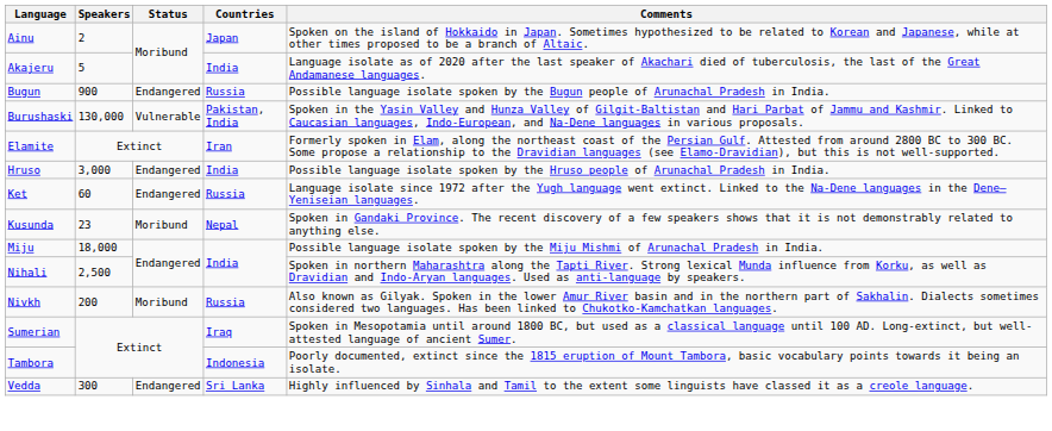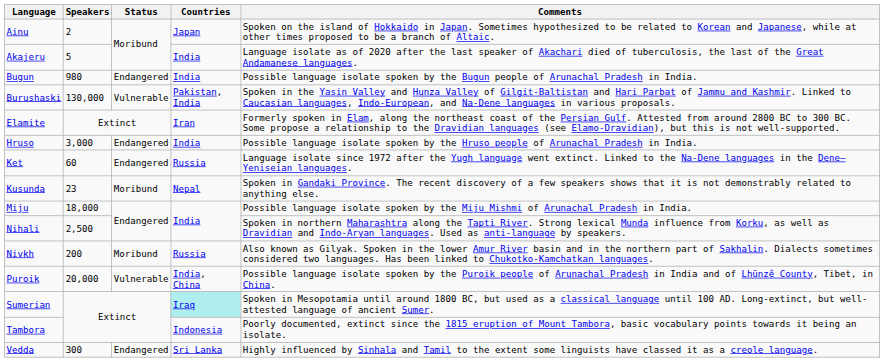 <table class="wikitable sortable" rules="ALL">
 <tr>
 <th>Language</th>
 <th data-sort-type=number>Speakers</th>
 <th>Status</th>
 <th>Countries</th>
 <th>Comments</th>
 </tr>
 <tr>
 <td><a href='#'>Ainu</a></td>
 <td>2</td>
 <td data-sort-value=4 rowspan="2">Moribund</td>
 <td><a href='#'>Japan</a></td>
 <td>Spoken on the island of <a href='#'>Hokkaido</a> in <a href='#'>Japan</a>. Sometimes hypothesized to be related to <a href='#'>Korean</a> and <a href='#'>Japanese</a>, while at other times proposed to be a branch of <a href='#'>Altaic</a>.</td>
 </tr>
 <tr>
 <td><a href='#'>Akajeru</a></td>
 <td>5</td>
 <td><a href='#'>India</a></td>
 <td>Language isolate as of 2020 after the last speaker of <a href='#'>Akachari</a> died of tuberculosis, the last of the <a href='#'>Great Andamanese languages</a>.</td>
 </tr>
 <tr>
 <td><a href='#'>Bugun</a></td>
-<td>900</td>
+<td>980</td>
 <td data-sort-value=3>Endangered</td>
-<td><a href='#'>Russia</a></td>
+<td><a href='#'>India</a></td>
 <td>Possible language isolate spoken by the <a href='#'>Bugun</a> people of <a href='#'>Arunachal Pradesh</a> in India.</td>
 </tr>
 <tr>
 <td><a href='#'>Burushaski</a></td>
 <td>130,000</td>
 <td data-sort-value=2>Vulnerable</td>
 <td><a href='#'>Pakistan</a>, <a href='#'>India</a></td>
 <td>Spoken in the <a href='#'>Yasin Valley</a> and <a href='#'>Hunza Valley</a> of <a href='#'>Gilgit-Baltistan</a> and <a href='#'>Hari Parbat</a> of <a href='#'>Jammu and Kashmir</a>. Linked to <a href='#'>Caucasian languages</a>, <a href='#'>Indo-European</a>, and <a href='#'>Na-Dene languages</a> in various proposals.</td>
 </tr>
 <tr>
 <td><a href='#'>Elamite</a></td>
 <td style="text-align: center;" colspan="2">Extinct</td>
 <td><a href='#'>Iran</a></td>
 <td>Formerly spoken in <a href='#'>Elam</a>, along the northeast coast of the <a href='#'>Persian Gulf</a>. Attested from around 2800 BC to 300 BC. Some propose a relationship to the <a href='#'>Dravidian languages</a> (see <a href='#'>Elamo-Dravidian</a>), but this is not well-supported.</td>
 </tr>
 <tr>
 <td><a href='#'>Hruso</a></td>
 <td>3,000</td>
 <td data-sort-value=3>Endangered</td>
 <td><a href='#'>India</a></td>
 <td>Possible language isolate spoken by the <a href='#'>Hruso people</a> of <a href='#'>Arunachal Pradesh</a> in India.</td>
 </tr>
 <tr>
 <td><a href='#'>Ket</a></td>
 <td>60</td>
 <td>Endangered</td>
 <td><a href='#'>Russia</a></td>
 <td>Language isolate since 1972 after the <a href='#'>Yugh language</a> went extinct. Linked to the <a href='#'>Na-Dene languages</a> in the <a href='#'>Dene–Yeniseian languages</a>.</td>
 </tr>
 <tr>
 <td><a href='#'>Kusunda</a></td>
 <td>23</td>
 <td data-sort-value=4>Moribund</td>
 <td><a href='#'>Nepal</a></td>
 <td>Spoken in <a href='#'>Gandaki Province</a>. The recent discovery of a few speakers shows that it is not demonstrably related to anything else.</td>
 </tr>
 <tr>
 <td><a href='#'>Miju</a></td>
 <td>18,000</td>
 <td data-sort-value=3 rowspan="2">Endangered</td>
 <td rowspan="2"><a href='#'>India</a></td>
 <td>Possible language isolate spoken by the <a href='#'>Miju Mishmi</a> of <a href='#'>Arunachal Pradesh</a> in India.</td>
 </tr>
 <tr>
 <td><a href='#'>Nihali</a></td>
 <td>2,500</td>
 <td>Spoken in northern <a href='#'>Maharashtra</a> along the <a href='#'>Tapti River</a>. Strong lexical <a href='#'>Munda</a> influence from <a href='#'>Korku</a>, as well as <a href='#'>Dravidian</a> and <a href='#'>Indo-Aryan languages</a>. Used as <a href='#'>anti-language</a> by speakers.</td>
 </tr>
 <tr>
 <td><a href='#'>Nivkh</a></td>
 <td>200</td>
 <td data-sort-value=4>Moribund</td>
 <td><a href='#'>Russia</a></td>
 <td>Also known as Gilyak. Spoken in the lower <a href='#'>Amur River</a> basin and in the northern part of <a href='#'>Sakhalin</a>. Dialects sometimes considered two languages. Has been linked to <a href='#'>Chukotko-Kamchatkan languages</a>.</td>
 </tr>
 <tr>
+<td><a href='#'>Puroik</a></td>
+<td>20,000</td>
+<td data-sort-value=3>Vulnerable</td>
+<td><a href='#'>India</a>, <a href='#'>China</a></td>
+<td>Possible language isolate spoken by the <a href='#'>Puroik people</a> of <a href='#'>Arunachal Pradesh</a> in India and of <a href='#'>Lhünzê County</a>, Tibet, in <a href='#'>China</a>.</td>
+</tr>
+<tr>
 <td><a href='#'>Sumerian</a></td>
 <td style="text-align: center;" colspan="2" rowspan="2">Extinct</td>
-<td><a href='#'>Iraq</a></td>
+<td style="background: paleturquoise;"><a href='#'>Iraq</a></td>
 <td>Spoken in Mesopotamia until around 1800 BC, but used as a <a href='#'>classical language</a> until 100 AD. Long-extinct, but well-attested language of ancient <a href='#'>Sumer</a>.</td>
 </tr>
 <tr>
 <td><a href='#'>Tambora</a></td>
 <td><a href='#'>Indonesia</a></td>
 <td>Poorly documented, extinct since the <a href='#'>1815 eruption of Mount Tambora</a>, basic vocabulary points towards it being an isolate.</td>
 </tr>
 <tr>
 <td><a href='#'>Vedda</a></td>
 <td>300</td>
 <td>Endangered</td>
 <td><a href='#'>Sri Lanka</a></td>
 <td>Highly influenced by <a href='#'>Sinhala</a> and <a href='#'>Tamil</a> to the extent some linguists have classed it as a <a href='#'>creole language</a>.</td>
 </tr>
 </table>
